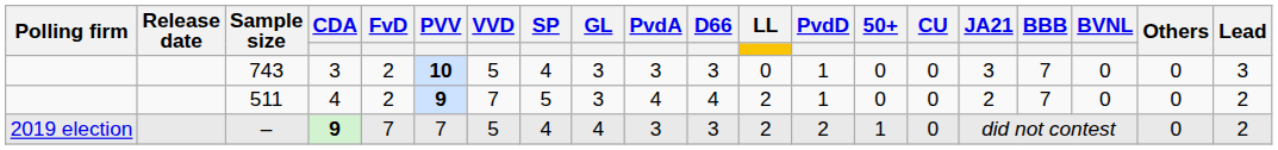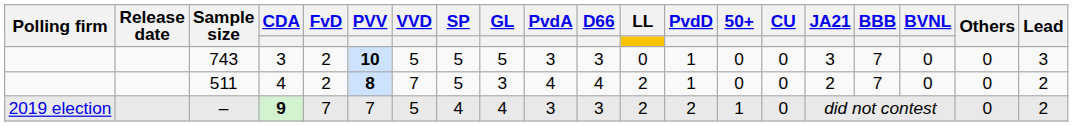 <table class="wikitable sortable tpl-blanktable" style="text-align:center;font-size:90%;line-height:14px;">
 <tr>
 <th rowspan="2">Polling firm</th>
 <th rowspan="2">Release<br>date</th>
 <th rowspan="2">Sample<br>size</th>
 <th class="unsortable" style="width:30px;"><a href='#'>CDA</a></th>
 <th class="unsortable" style="width:30px;"><a href='#'>FvD</a></th>
 <th class="unsortable" style="width:30px;"><a href='#'>PVV</a></th>
 <th class="unsortable" style="width:30px;"><a href='#'>VVD</a></th>
 <th class="unsortable" style="width:30px;"><a href='#'>SP</a></th>
 <th class="unsortable" style="width:30px;"><a href='#'>GL</a></th>
 <th class="unsortable" style="width:30px;"><a href='#'>PvdA</a></th>
 <th class="unsortable" style="width:30px;"><a href='#'>D66</a></th>
 <th class="unsortable" style="width:30px;">LL </th>
 <th class="unsortable" style="width:30px;"><a href='#'>PvdD</a></th>
 <th class="unsortable" style="width:30px;"><a href='#'>50+</a></th>
 <th class="unsortable" style="width:30px;"><a href='#'>CU</a></th>
 <th class="unsortable" style="width:30px;"><a href='#'>JA21</a></th>
 <th class="unsortable" style="width:30px;"><a href='#'>BBB</a></th>
 <th class="unsortable" style="width:30px;"><a href='#'>BVNL</a></th>
 <th class="unsortable" style="width:30px;" rowspan="2">Others</th>
 <th rowspan="2">Lead</th>
 </tr>
 <tr>
 <th data-sort-type="number" style="background:"></th>
 <th data-sort-type="number" style="background:"></th>
 <th data-sort-type="number" style="background:"></th>
 <th data-sort-type="number" style="background:"></th>
 <th data-sort-type="number" style="background:"></th>
 <th data-sort-type="number" style="background:"></th>
 <th data-sort-type="number" style="background:"></th>
 <th data-sort-type="number" style="background:"></th>
 <th data-sort-type="number" style="background:#fbc400;"></th>
 <th data-sort-type="number" style="background:"></th>
 <th data-sort-type="number" style="background:"></th>
 <th data-sort-type="number" style="background:"></th>
 <th data-sort-type="number" style="background:"></th>
 <th data-sort-type="number" style="background:"></th>
 <th data-sort-type="number" style="background:"></th>
 </tr>
 <tr>
 <td></td>
 <td></td>
 <td>743</td>
 <td>3</td>
 <td>2</td>
 <td style="background:#CDE2FE;"><strong>10</strong></td>
 <td>5</td>
-<td>4</td>
-<td>3</td>
+<td>5</td>
+<td>5</td>
 <td>3</td>
 <td>3</td>
 <td>0</td>
 <td>1</td>
 <td>0</td>
 <td>0</td>
 <td>3</td>
 <td>7</td>
 <td>0</td>
 <td>0</td>
 <td style="background:">3</td>
 </tr>
 <tr>
 <td></td>
 <td></td>
 <td>511</td>
 <td>4</td>
 <td>2</td>
-<td style="background:#CDE2FE;"><strong>9</strong></td>
+<td style="background:#CDE2FE;"><strong>8</strong></td>
 <td>7</td>
 <td>5</td>
 <td>3</td>
 <td>4</td>
 <td>4</td>
 <td>2</td>
 <td>1</td>
 <td>0</td>
 <td>0</td>
 <td>2</td>
 <td>7</td>
 <td>0</td>
 <td>0</td>
 <td style="background:">2</td>
 </tr>
 <tr style="background:#E9E9E9;">
 <td><a href='#'>2019 election</a></td>
 <td></td>
 <td>–</td>
 <td style="background:#D3F2D0;"><strong>9</strong></td>
 <td>7</td>
 <td>7</td>
 <td>5</td>
 <td>4</td>
 <td>4</td>
 <td>3</td>
 <td>3</td>
 <td>2</td>
 <td>2</td>
 <td>1</td>
 <td>0</td>
 <td colspan=3><em>did not contest</em></td>
 <td>0</td>
 <td style="background:">2</td>
 </tr>
 </table>
